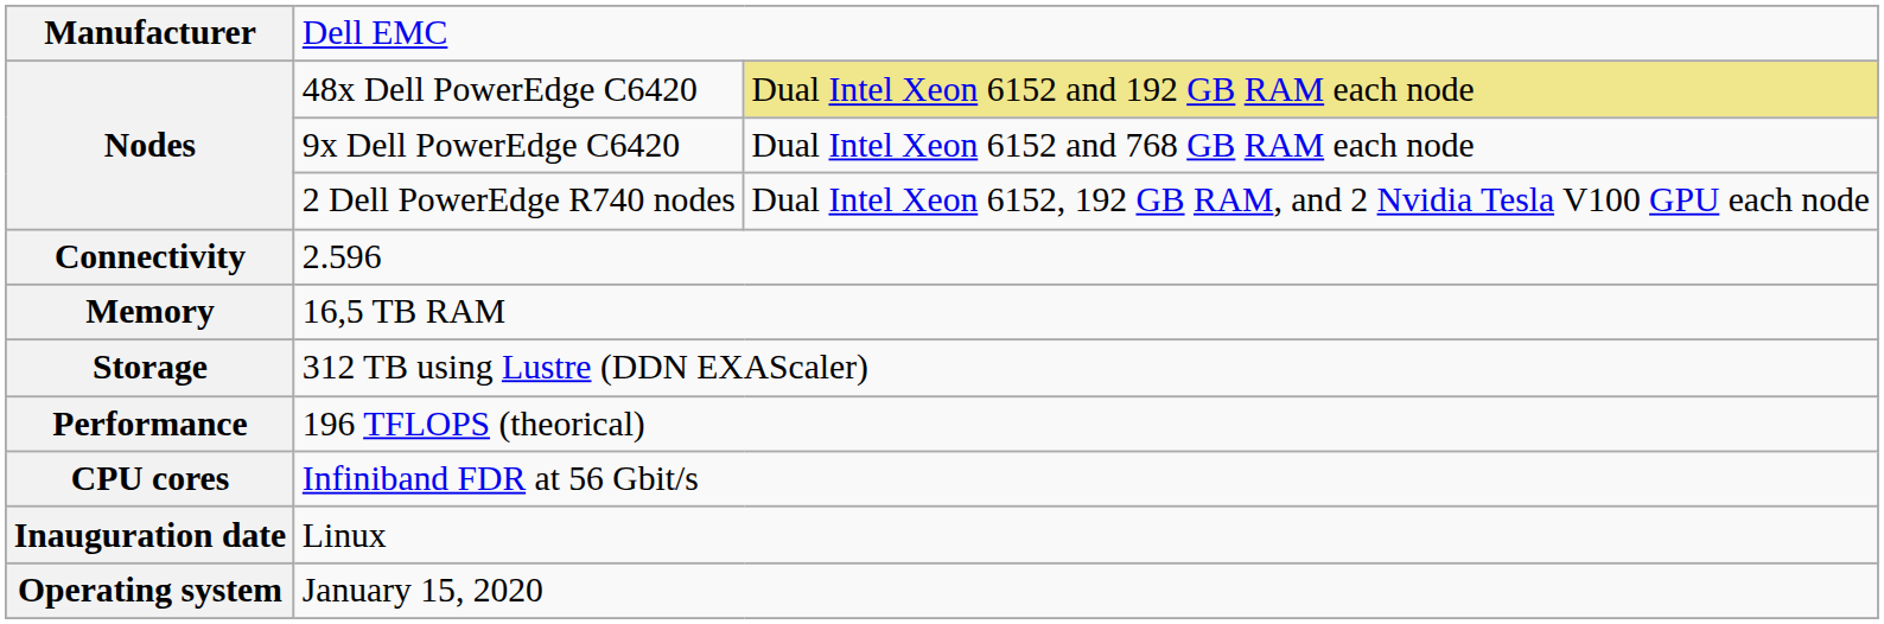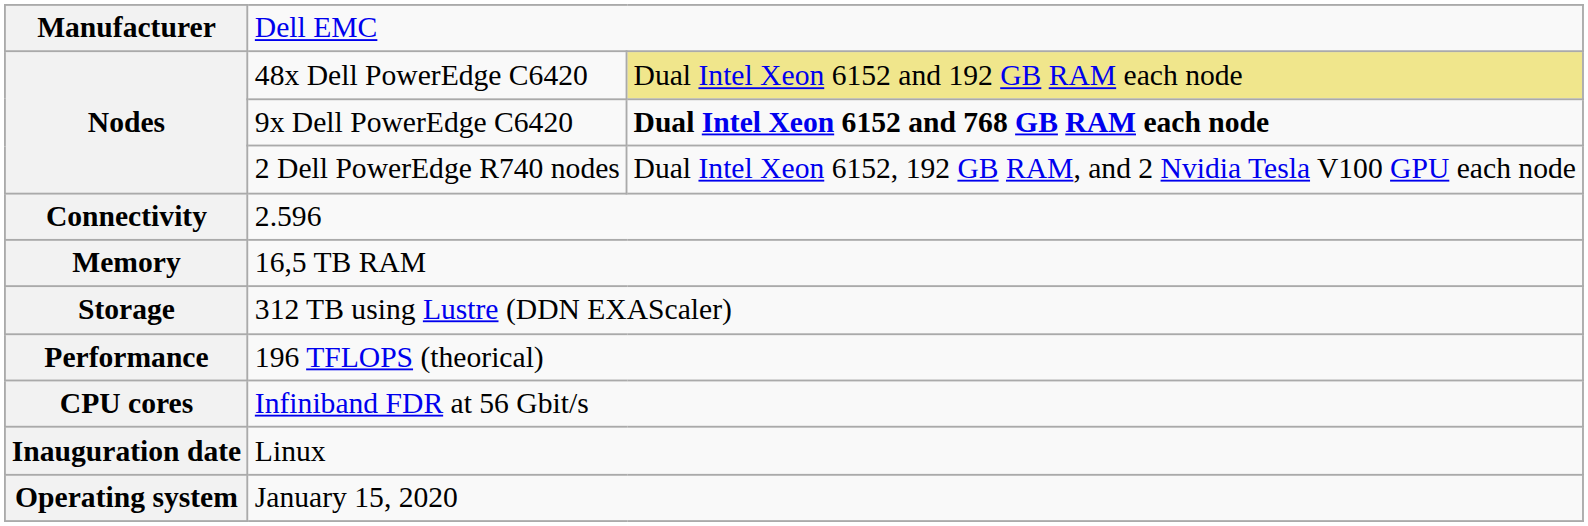 <table class="wikitable">
 <tr>
 <th>Manufacturer</th>
 <td colspan="2"><a href='#'>Dell EMC</a></td>
 </tr>
 <tr>
 <th rowspan="3">Nodes</th>
 <td>48x Dell PowerEdge C6420</td>
 <td style="background: khaki;">Dual <a href='#'>Intel Xeon</a> 6152 and 192 <a href='#'>GB</a> <a href='#'>RAM</a> each node</td>
 </tr>
 <tr>
 <td>9x Dell PowerEdge C6420</td>
-<td>Dual <a href='#'>Intel Xeon</a> 6152 and 768 <a href='#'>GB</a> <a href='#'>RAM</a> each node</td>
+<td><strong>Dual <a href='#'>Intel Xeon</a> 6152 and 768 <a href='#'>GB</a> <a href='#'>RAM</a> each node</strong></td>
 </tr>
 <tr>
 <td>2 Dell PowerEdge R740 nodes</td>
 <td>Dual <a href='#'>Intel Xeon</a> 6152, 192 <a href='#'>GB</a> <a href='#'>RAM</a>, and 2 <a href='#'>Nvidia Tesla</a> V100 <a href='#'>GPU</a> each node</td>
 </tr>
 <tr>
 <th>Connectivity</th>
 <td colspan="2">2.596</td>
 </tr>
 <tr>
 <th>Memory</th>
 <td colspan="2">16,5 TB RAM</td>
 </tr>
 <tr>
 <th>Storage</th>
 <td colspan="2">312 TB using <a href='#'>Lustre</a> (DDN EXAScaler)</td>
 </tr>
 <tr>
 <th>Performance</th>
 <td colspan="2">196 <a href='#'>TFLOPS</a> (theorical)</td>
 </tr>
 <tr>
 <th>CPU cores</th>
 <td colspan="2"><a href='#'>Infiniband FDR</a> at 56 Gbit/s</td>
 </tr>
 <tr>
 <th>Inauguration date</th>
 <td colspan="2">Linux</td>
 </tr>
 <tr>
 <th>Operating system</th>
 <td colspan="2">January 15, 2020</td>
 </tr>
 </table>
